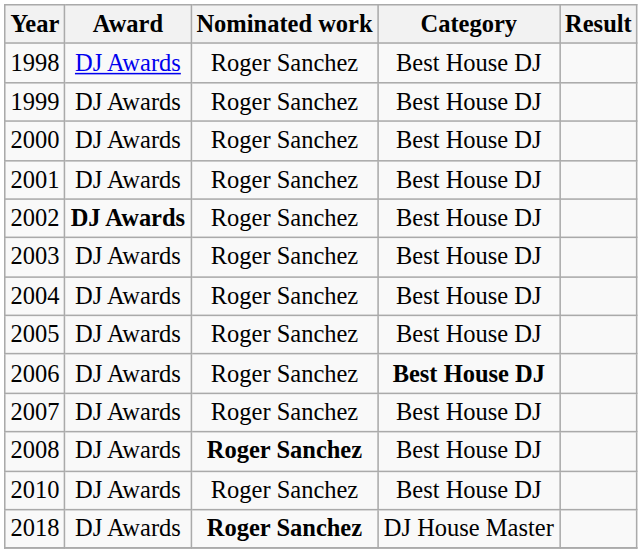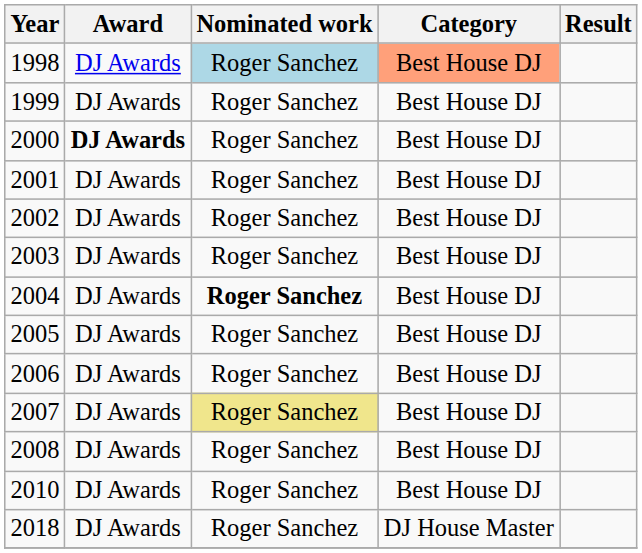 <table class="wikitable plainrowheaders" style="text-align:center;">
 <tr>
 <th>Year</th>
 <th>Award</th>
 <th>Nominated work</th>
 <th>Category</th>
 <th>Result</th>
 </tr>
 <tr>
 <td>1998</td>
 <td rowspan="1"><a href='#'>DJ Awards</a></td>
-<td>Roger Sanchez</td>
-<td>Best House DJ</td>
+<td style="background: lightblue;">Roger Sanchez</td>
+<td style="background: lightsalmon;">Best House DJ</td>
 <td></td>
 </tr>
 <tr>
 <td rowspan="1">1999</td>
 <td rowspan="1">DJ Awards</td>
 <td>Roger Sanchez</td>
 <td>Best House DJ</td>
 <td></td>
 </tr>
 <tr>
 <td rowspan="1">2000</td>
-<td rowspan="1">DJ Awards</td>
+<td rowspan="1"><strong>DJ Awards</strong></td>
 <td>Roger Sanchez</td>
 <td>Best House DJ</td>
 <td></td>
 </tr>
 <tr>
 <td rowspan="1">2001</td>
 <td rowspan="1">DJ Awards</td>
 <td>Roger Sanchez</td>
 <td>Best House DJ</td>
 <td></td>
 </tr>
 <tr>
 <td rowspan="1">2002</td>
-<td rowspan="1"><strong>DJ Awards</strong></td>
+<td rowspan="1">DJ Awards</td>
 <td>Roger Sanchez</td>
 <td>Best House DJ</td>
 <td></td>
 </tr>
 <tr>
 <td rowspan="1">2003</td>
 <td rowspan="1">DJ Awards</td>
 <td>Roger Sanchez</td>
 <td>Best House DJ</td>
 <td></td>
 </tr>
 <tr>
 <td rowspan="1">2004</td>
 <td rowspan="1">DJ Awards</td>
-<td>Roger Sanchez</td>
+<td><strong>Roger Sanchez</strong></td>
 <td>Best House DJ</td>
 <td></td>
 </tr>
 <tr>
 <td rowspan="1">2005</td>
 <td rowspan="1">DJ Awards</td>
 <td>Roger Sanchez</td>
 <td>Best House DJ</td>
 <td></td>
 </tr>
 <tr>
 <td rowspan="1">2006</td>
 <td rowspan="1">DJ Awards</td>
 <td>Roger Sanchez</td>
-<td><strong>Best House DJ</strong></td>
+<td>Best House DJ</td>
 <td></td>
 </tr>
 <tr>
 <td rowspan="1">2007</td>
 <td rowspan="1">DJ Awards</td>
-<td>Roger Sanchez</td>
+<td style="background: khaki;">Roger Sanchez</td>
 <td>Best House DJ</td>
 <td></td>
 </tr>
 <tr>
 <td rowspan="1">2008</td>
 <td rowspan="1">DJ Awards</td>
-<td><strong>Roger Sanchez</strong></td>
+<td>Roger Sanchez</td>
 <td>Best House DJ</td>
 <td></td>
 </tr>
 <tr>
 <td rowspan="1">2010</td>
 <td rowspan="1">DJ Awards</td>
 <td>Roger Sanchez</td>
 <td>Best House DJ</td>
 <td></td>
 </tr>
 <tr>
 <td rowspan="1">2018</td>
 <td rowspan="1">DJ Awards</td>
-<td><strong>Roger Sanchez</strong></td>
+<td>Roger Sanchez</td>
 <td>DJ House Master</td>
 <td></td>
 </tr>
 <tr>
 </tr>
 </table>
